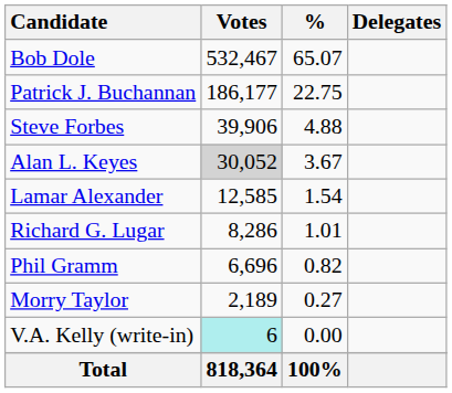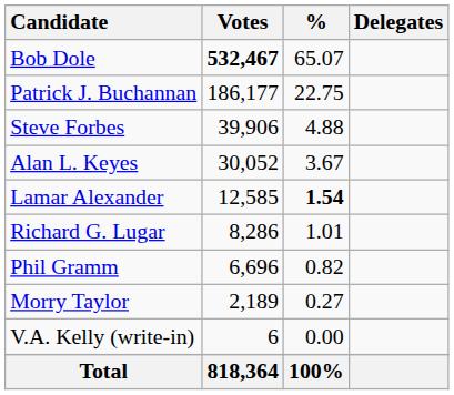 <table class="wikitable sortable plainrowheaders" style="text-align:right;">
 <tr>
 <th style="text-align:left;">Candidate</th>
 <th>Votes</th>
 <th>%</th>
 <th>Delegates</th>
 </tr>
 <tr>
 <td style="text-align:left;"><a href='#'>Bob Dole</a></td>
-<td>532,467</td>
+<td><strong>532,467</strong></td>
 <td>65.07</td>
 <td style="text-align:center;"></td>
 </tr>
 <tr>
 <td style="text-align:left;"><a href='#'>Patrick J. Buchannan</a></td>
 <td>186,177</td>
 <td>22.75</td>
 <td style="text-align:center;"></td>
 </tr>
 <tr>
 <td style="text-align:left;"><a href='#'>Steve Forbes</a> </td>
 <td>39,906</td>
 <td>4.88</td>
 <td style="text-align:center;"></td>
 </tr>
 <tr>
 <td style="text-align:left;"><a href='#'>Alan L. Keyes</a></td>
-<td style="background: lightgrey;">30,052</td>
+<td>30,052</td>
 <td>3.67</td>
 <td style="text-align:center;"></td>
 </tr>
 <tr>
 <td style="text-align:left;"><a href='#'>Lamar Alexander</a> </td>
 <td>12,585</td>
-<td>1.54</td>
+<td><strong>1.54</strong></td>
 <td style="text-align:center;"></td>
 </tr>
 <tr>
 <td style="text-align:left;"><a href='#'>Richard G. Lugar</a> </td>
 <td>8,286</td>
 <td>1.01</td>
 <td style="text-align:center;"></td>
 </tr>
 <tr>
 <td style="text-align:left;"><a href='#'>Phil Gramm</a> </td>
 <td>6,696</td>
 <td>0.82</td>
 <td style="text-align:center;"></td>
 </tr>
 <tr>
 <td style="text-align:left;"><a href='#'>Morry Taylor</a> </td>
 <td>2,189</td>
 <td>0.27</td>
 <td style="text-align:center;"></td>
 </tr>
 <tr>
 <td style="text-align:left;">V.A. Kelly (write-in)</td>
-<td style="background: paleturquoise;">6</td>
+<td>6</td>
 <td>0.00</td>
 <td style="text-align:center;"></td>
 </tr>
 <tr class="sortbottom">
 </tr>
 <tr class="sortbottom">
 <th>Total</th>
 <th>818,364</th>
 <th>100%</th>
 <th></th>
 </tr>
 </table>
